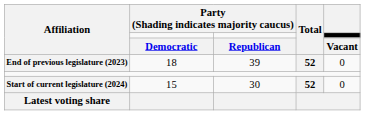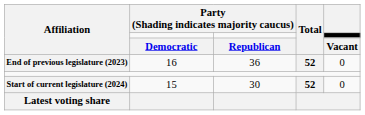 <table class="wikitable" style="text-align:center">
 <tr>
 <th rowspan="3">Affiliation</th>
 <th colspan="2">Party<div>(Shading indicates majority caucus)</div></th>
 <th rowspan="3">Total</th>
 <th></th>
 </tr>
 <tr style="height:5px">
 <td style="background-color:"></td>
 <td style="background-color:"></td>
 <td style="background: black"></td>
 </tr>
 <tr>
 <th><a href='#'>Democratic</a></th>
 <th><a href='#'>Republican</a></th>
 <th>Vacant</th>
 </tr>
 <tr>
 <th nowrap="" style="font-size:80%">End of previous legislature (2023)</th>
-<td>18</td>
-<td>39</td>
+<td>16</td>
+<td>36</td>
 <th>52</th>
 <td>0</td>
 </tr>
 <tr>
 <td colspan="5"></td>
 </tr>
 <tr>
 <th nowrap="" style="font-size:80%">Start of current legislature (2024)</th>
 <td>15</td>
 <td>30</td>
 <th>52</th>
 <td>0</td>
 </tr>
 <tr>
 <th>Latest voting share</th>
 <th></th>
 <th></th>
 <th colspan="2"></th>
 </tr>
 </table>
